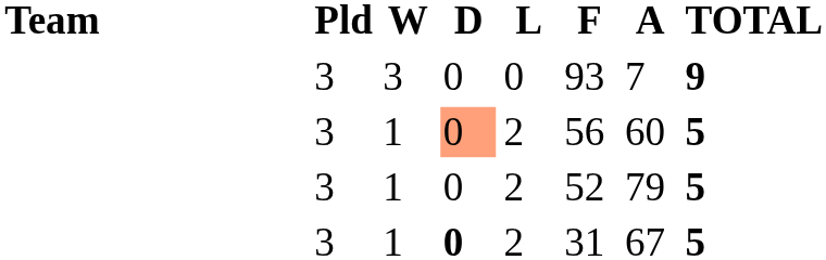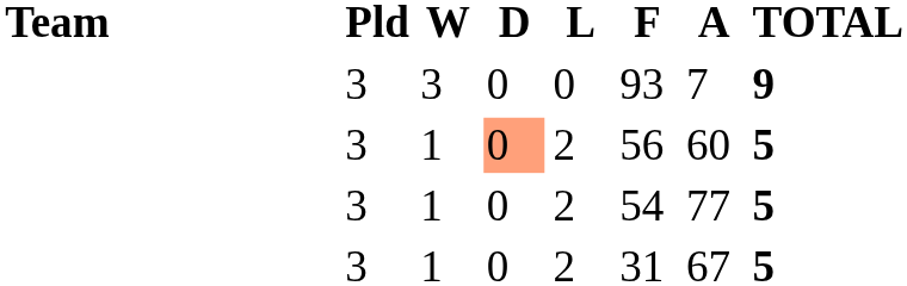 <table>
 <tr>
 <td><br></td>
 </tr>
 <tr border=1 cellpadding=5 cellspacing=0>
 <th width="200">Team</th>
 <th width="20">Pld</th>
 <th width="20">W</th>
 <th width="20">D</th>
 <th width="20">L</th>
 <th width="20">F</th>
 <th width="20">A</th>
 <th width="20">TOTAL</th>
 </tr>
 <tr>
 <td align=left></td>
 <td>3</td>
 <td>3</td>
 <td>0</td>
 <td>0</td>
 <td>93</td>
 <td>7</td>
 <td><strong>9</strong></td>
 </tr>
 <tr>
 <td align=left></td>
 <td>3</td>
 <td>1</td>
 <td style="background: lightsalmon;">0</td>
 <td>2</td>
 <td>56</td>
 <td>60</td>
 <td><strong>5</strong></td>
 </tr>
 <tr>
 <td align=left></td>
 <td>3</td>
 <td>1</td>
 <td>0</td>
 <td>2</td>
-<td>52</td>
-<td>79</td>
+<td>54</td>
+<td>77</td>
 <td><strong>5</strong></td>
 </tr>
 <tr>
 <td align=left></td>
 <td>3</td>
 <td>1</td>
-<td><strong>0</strong></td>
+<td>0</td>
 <td>2</td>
 <td>31</td>
 <td>67</td>
 <td><strong>5</strong></td>
 </tr>
 </table>
